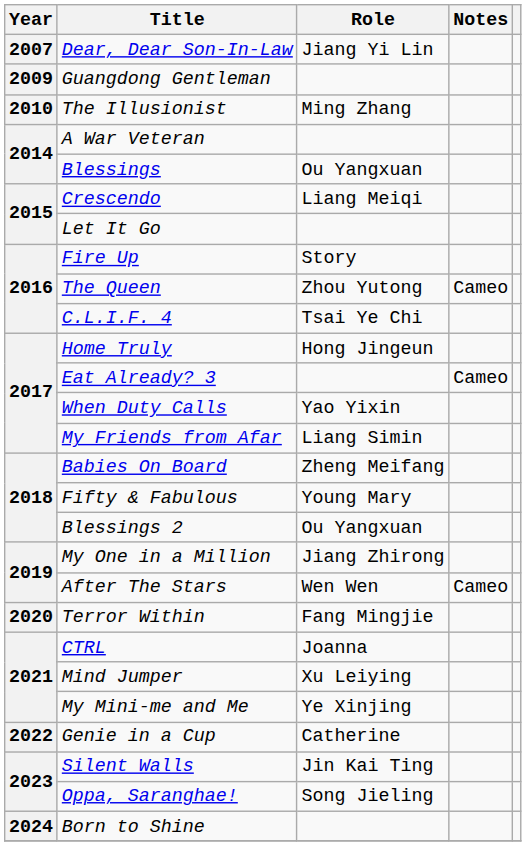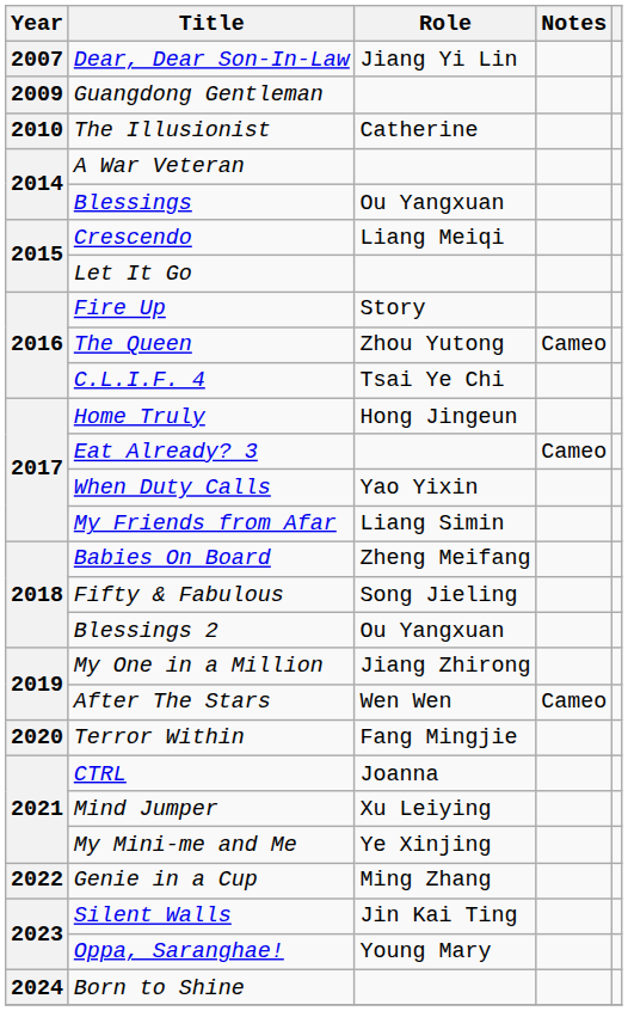 <table class="wikitable sortable plainrowheaders">
 <tr>
 <th scope="col">Year</th>
 <th scope="col">Title</th>
 <th scope="col">Role</th>
 <th scope="col" class="unsortable">Notes</th>
 <th scope="col" class="unsortable"></th>
 </tr>
 <tr>
 <th scope="row">2007</th>
 <td><em><a href='#'>Dear, Dear Son-In-Law</a></em></td>
 <td>Jiang Yi Lin</td>
 <td></td>
 <td></td>
 </tr>
 <tr>
 <th scope="row">2009</th>
 <td><em>Guangdong Gentleman</em></td>
 <td></td>
 <td></td>
 <td></td>
 </tr>
 <tr>
 <th scope="row">2010</th>
 <td><em>The Illusionist</em></td>
-<td>Ming Zhang</td>
+<td>Catherine</td>
 <td></td>
 <td></td>
 </tr>
 <tr>
 <th scope="row" rowspan="2">2014</th>
 <td><em>A War Veteran</em></td>
 <td></td>
 <td></td>
 <td></td>
 </tr>
 <tr>
 <td><em><a href='#'>Blessings</a></em></td>
 <td>Ou Yangxuan</td>
 <td></td>
 <td></td>
 </tr>
 <tr>
 <th scope="row" rowspan="2">2015</th>
 <td><em><a href='#'>Crescendo</a></em></td>
 <td>Liang Meiqi</td>
 <td></td>
 <td></td>
 </tr>
 <tr>
 <td><em>Let It Go</em></td>
 <td></td>
 <td></td>
 <td></td>
 </tr>
 <tr>
 <th scope="row" rowspan="3">2016</th>
 <td><em><a href='#'>Fire Up</a></em></td>
 <td>Story</td>
 <td></td>
 <td></td>
 </tr>
 <tr>
 <td><em><a href='#'>The Queen</a></em></td>
 <td>Zhou Yutong</td>
 <td>Cameo</td>
 <td></td>
 </tr>
 <tr>
 <td><em><a href='#'>C.L.I.F. 4</a></em></td>
 <td>Tsai Ye Chi</td>
 <td></td>
 <td></td>
 </tr>
 <tr>
 <th scope="row" rowspan="4">2017</th>
 <td><em><a href='#'>Home Truly</a></em></td>
 <td>Hong Jingeun</td>
 <td></td>
 <td></td>
 </tr>
 <tr>
 <td><em><a href='#'>Eat Already? 3</a></em></td>
 <td></td>
 <td>Cameo</td>
 <td></td>
 </tr>
 <tr>
 <td><em><a href='#'>When Duty Calls</a></em></td>
 <td>Yao Yixin</td>
 <td></td>
 <td></td>
 </tr>
 <tr>
 <td><em><a href='#'>My Friends from Afar</a></em></td>
 <td>Liang Simin</td>
 <td></td>
 <td></td>
 </tr>
 <tr>
 <th scope="row" rowspan="3">2018</th>
 <td><em><a href='#'>Babies On Board</a></em></td>
 <td>Zheng Meifang</td>
 <td></td>
 <td></td>
 </tr>
 <tr>
 <td><em>Fifty & Fabulous</em></td>
-<td>Young Mary</td>
+<td>Song Jieling</td>
 <td></td>
 <td></td>
 </tr>
 <tr>
 <td><em>Blessings 2</em></td>
 <td>Ou Yangxuan</td>
 <td></td>
 <td></td>
 </tr>
 <tr>
 <th scope="row" rowspan="2">2019</th>
 <td><em>My One in a Million</em></td>
 <td>Jiang Zhirong</td>
 <td></td>
 <td></td>
 </tr>
 <tr>
 <td><em>After The Stars</em></td>
 <td>Wen Wen</td>
 <td>Cameo</td>
 <td></td>
 </tr>
 <tr>
 <th scope="row" rowspan="1">2020</th>
 <td><em>Terror Within</em></td>
 <td>Fang Mingjie</td>
 <td></td>
 <td></td>
 </tr>
 <tr>
 <th scope="row" rowspan="3">2021</th>
 <td><em><a href='#'>CTRL</a></em></td>
 <td>Joanna</td>
 <td></td>
 <td></td>
 </tr>
 <tr>
 <td><em>Mind Jumper</em></td>
 <td>Xu Leiying</td>
 <td></td>
 <td></td>
 </tr>
 <tr>
 <td><em>My Mini-me and Me</em></td>
 <td>Ye Xinjing</td>
 <td></td>
 <td></td>
 </tr>
 <tr>
 <th scope="row" rowspan="1">2022</th>
 <td><em>Genie in a Cup</em></td>
-<td>Catherine</td>
+<td>Ming Zhang</td>
 <td></td>
 <td></td>
 </tr>
 <tr>
 <th scope="row" rowspan="2">2023</th>
 <td><em><a href='#'>Silent Walls</a></em></td>
 <td>Jin Kai Ting</td>
 <td></td>
 <td></td>
 </tr>
 <tr>
 <td><em><a href='#'>Oppa, Saranghae!</a></em></td>
-<td>Song Jieling</td>
+<td>Young Mary</td>
 <td></td>
 <td></td>
 </tr>
 <tr>
 <th scope="row" rowspan="1">2024</th>
 <td><em>Born to Shine</em></td>
 <td></td>
 <td></td>
 <td></td>
 </tr>
 <tr>
 </tr>
 </table>
